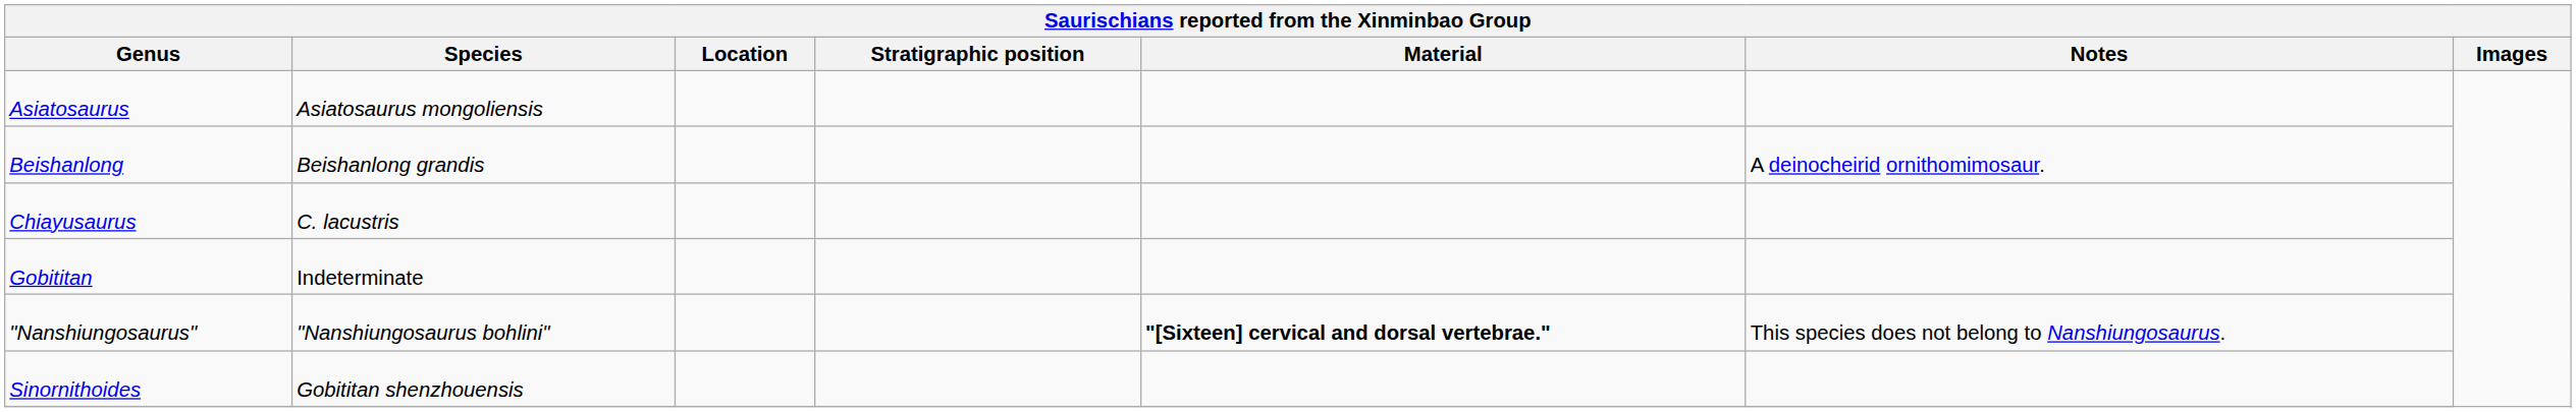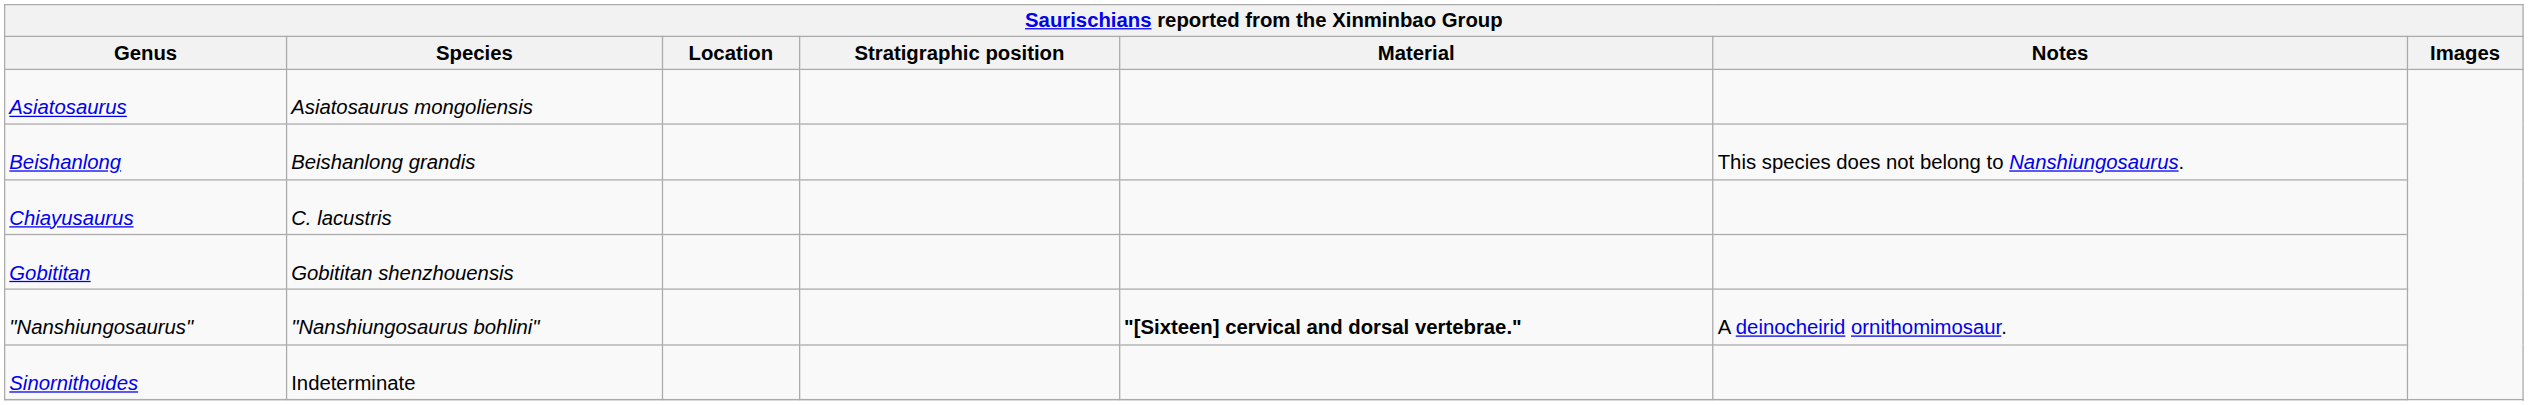 <table class="wikitable" align="center" width="100%">
 <tr>
 <th colspan="7" align="center"><strong><a href='#'>Saurischians</a> reported from the Xinminbao Group</strong></th>
 </tr>
 <tr>
 <th>Genus</th>
 <th>Species</th>
 <th>Location</th>
 <th>Stratigraphic position</th>
 <th>Material</th>
 <th>Notes</th>
 <th>Images</th>
 </tr>
 <tr>
 <td><br><em><a href='#'>Asiatosaurus</a></em></td>
 <td><br><em>Asiatosaurus mongoliensis</em></td>
 <td></td>
 <td></td>
 <td></td>
 <td></td>
 <td rowspan="99"><br> </td>
 </tr>
 <tr>
 <td><br><em><a href='#'>Beishanlong</a></em></td>
 <td><br><em>Beishanlong grandis</em></td>
 <td></td>
 <td></td>
 <td></td>
-<td><br>A <a href='#'>deinocheirid</a> <a href='#'>ornithomimosaur</a>.</td>
+<td><br>This species does not belong to <em><a href='#'>Nanshiungosaurus</a></em>.</td>
 </tr>
 <tr>
 <td><br><em><a href='#'>Chiayusaurus</a></em></td>
 <td><br><em>C. lacustris</em></td>
 <td></td>
 <td></td>
 <td></td>
 <td></td>
 </tr>
 <tr>
 <td><br><em><a href='#'>Gobititan</a></em></td>
-<td><br>Indeterminate</td>
+<td><br><em>Gobititan shenzhouensis</em></td>
 <td></td>
 <td></td>
 <td></td>
 <td></td>
 </tr>
 <tr>
 <td><br><em>"Nanshiungosaurus"</em></td>
 <td><br><em>"Nanshiungosaurus bohlini"</em></td>
 <td></td>
 <td></td>
 <td><strong><br>"[Sixteen] cervical and dorsal vertebrae."</strong></td>
-<td><br>This species does not belong to <em><a href='#'>Nanshiungosaurus</a></em>.</td>
+<td><br>A <a href='#'>deinocheirid</a> <a href='#'>ornithomimosaur</a>.</td>
 </tr>
 <tr>
 <td><br><em><a href='#'>Sinornithoides</a></em></td>
-<td><br><em>Gobititan shenzhouensis</em></td>
+<td><br>Indeterminate</td>
 <td></td>
 <td></td>
 <td></td>
 <td></td>
 </tr>
 <tr>
 </tr>
 </table>
